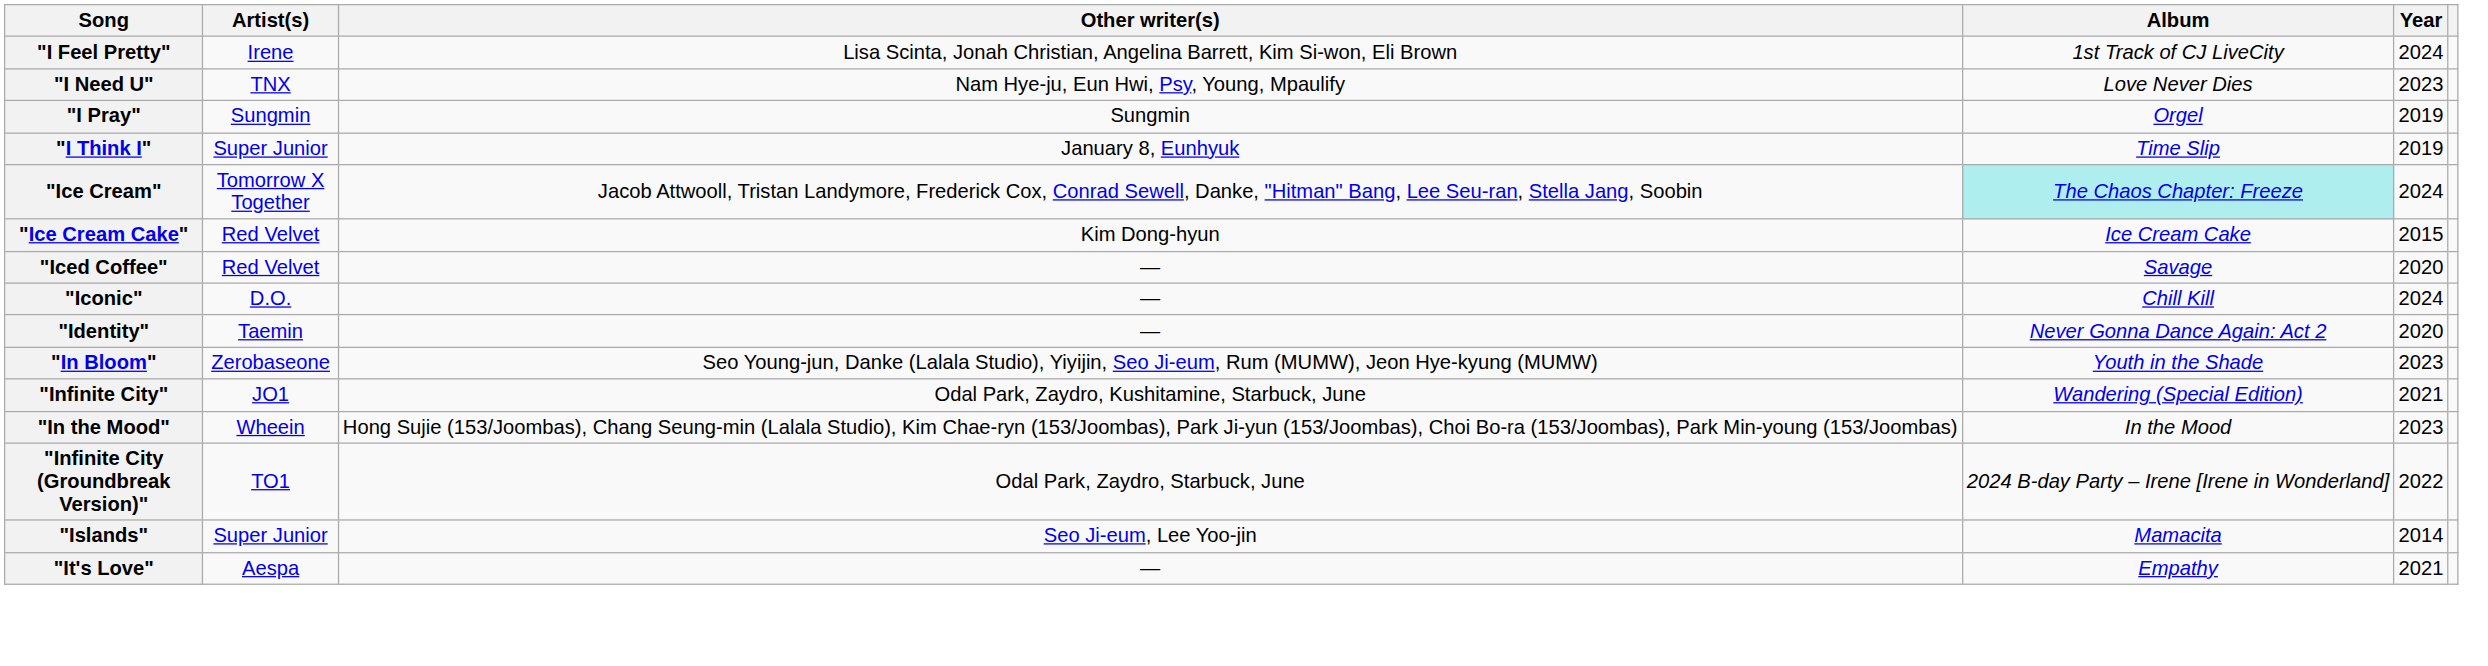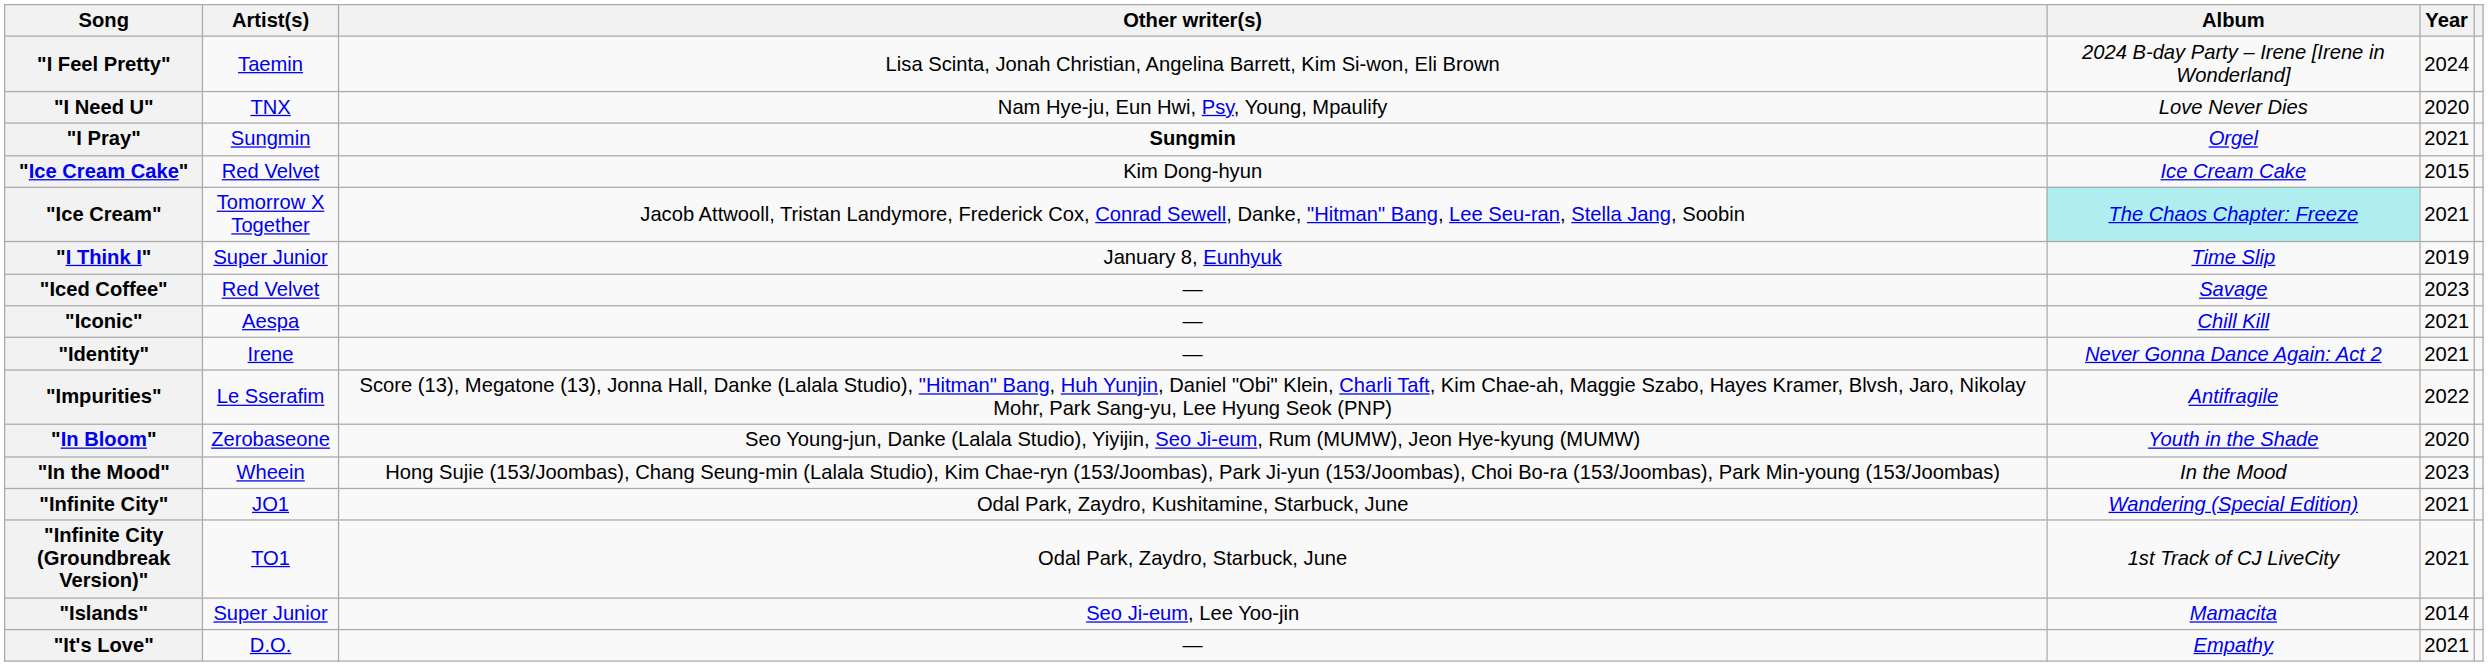 <table class="wikitable sortable plainrowheaders" style="text-align:center;">
 <tr>
 <th scope="col" width="150">Song</th>
 <th scope="col" width="100">Artist(s)</th>
 <th scope="col" class="unsortable">Other writer(s)</th>
 <th scope="col" data-sort-type="text">Album</th>
 <th scope="col">Year</th>
 <th scope="col" class="unsortable"></th>
 </tr>
 <tr>
 <th scope="row">"I Feel Pretty"</th>
-<td><a href='#'>Irene</a></td>
+<td><a href='#'>Taemin</a></td>
 <td>Lisa Scinta, Jonah Christian, Angelina Barrett, Kim Si-won, Eli Brown</td>
-<td><em>1st Track of CJ LiveCity</em></td>
+<td><em>2024 B-day Party – Irene [Irene in Wonderland]</em></td>
 <td>2024</td>
 <td style="text-align:center;"></td>
 </tr>
 <tr>
 <th scope="row">"I Need U"</th>
 <td><a href='#'>TNX</a></td>
 <td>Nam Hye-ju, Eun Hwi, <a href='#'>Psy</a>, Young, Mpaulify</td>
 <td><em>Love Never Dies</em></td>
-<td>2023</td>
+<td>2020</td>
 <td style="text-align:center;"></td>
 </tr>
 <tr>
 <th scope="row">"I Pray"</th>
 <td><a href='#'>Sungmin</a></td>
-<td>Sungmin</td>
+<td><strong>Sungmin</strong></td>
 <td><em><a href='#'>Orgel</a></em></td>
-<td>2019</td>
+<td>2021</td>
+<td style="text-align:center;"></td>
+</tr>
+<tr>
+<th scope="row">"<a href='#'>Ice Cream Cake</a>"</th>
+<td><a href='#'>Red Velvet</a></td>
+<td>Kim Dong-hyun</td>
+<td><em><a href='#'>Ice Cream Cake</a></em></td>
+<td>2015</td>
+<td style="text-align:center;"></td>
+</tr>
+<tr>
+<th scope="row">"Ice Cream"</th>
+<td><a href='#'>Tomorrow X Together</a></td>
+<td>Jacob Attwooll, Tristan Landymore, Frederick Cox, <a href='#'>Conrad Sewell</a>, Danke, <a href='#'>"Hitman" Bang</a>, <a href='#'>Lee Seu-ran</a>, <a href='#'>Stella Jang</a>, Soobin</td>
+<td style="background: paleturquoise;"><em><a href='#'>The Chaos Chapter: Freeze</a></em></td>
+<td>2021</td>
 <td style="text-align:center;"></td>
 </tr>
 <tr>
 <th scope="row">"<a href='#'>I Think I</a>"</th>
 <td><a href='#'>Super Junior</a></td>
 <td>January 8, <a href='#'>Eunhyuk</a></td>
 <td><em><a href='#'>Time Slip</a></em></td>
 <td>2019</td>
 <td style="text-align:center;"></td>
 </tr>
 <tr>
-<th scope="row">"Ice Cream"</th>
-<td><a href='#'>Tomorrow X Together</a></td>
-<td>Jacob Attwooll, Tristan Landymore, Frederick Cox, <a href='#'>Conrad Sewell</a>, Danke, <a href='#'>"Hitman" Bang</a>, <a href='#'>Lee Seu-ran</a>, <a href='#'>Stella Jang</a>, Soobin</td>
-<td style="background: paleturquoise;"><em><a href='#'>The Chaos Chapter: Freeze</a></em></td>
-<td>2024</td>
-<td style="text-align:center;"></td>
-</tr>
-<tr>
-<th scope="row">"<a href='#'>Ice Cream Cake</a>"</th>
-<td><a href='#'>Red Velvet</a></td>
-<td>Kim Dong-hyun</td>
-<td><em><a href='#'>Ice Cream Cake</a></em></td>
-<td>2015</td>
-<td style="text-align:center;"></td>
-</tr>
-<tr>
 <th scope="row">"Iced Coffee"</th>
 <td><a href='#'>Red Velvet</a></td>
 <td>—</td>
 <td><em><a href='#'>Savage</a></em></td>
-<td>2020</td>
+<td>2023</td>
 <td style="text-align:center;"></td>
 </tr>
 <tr>
 <th scope="row">"Iconic"</th>
-<td><a href='#'>D.O.</a></td>
+<td><a href='#'>Aespa</a></td>
 <td>—</td>
 <td><em><a href='#'>Chill Kill</a></em></td>
-<td>2024</td>
+<td>2021</td>
 <td style="text-align:center;"></td>
 </tr>
 <tr>
 <th scope="row">"Identity"</th>
-<td><a href='#'>Taemin</a></td>
+<td><a href='#'>Irene</a></td>
 <td>—</td>
 <td><em><a href='#'>Never Gonna Dance Again: Act 2</a></em></td>
-<td>2020</td>
+<td>2021</td>
+<td style="text-align:center;"></td>
+</tr>
+<tr>
+<th scope="row">"Impurities"</th>
+<td><a href='#'>Le Sserafim</a></td>
+<td>Score (13), Megatone (13), Jonna Hall, Danke (Lalala Studio), <a href='#'>"Hitman" Bang</a>, <a href='#'>Huh Yunjin</a>, Daniel "Obi" Klein, <a href='#'>Charli Taft</a>, Kim Chae-ah, Maggie Szabo, Hayes Kramer, Blvsh, Jaro, Nikolay Mohr, Park Sang-yu, Lee Hyung Seok (PNP)</td>
+<td><em><a href='#'>Antifragile</a></em></td>
+<td>2022</td>
 <td style="text-align:center;"></td>
 </tr>
 <tr>
 <th scope="row">"<a href='#'>In Bloom</a>"</th>
 <td><a href='#'>Zerobaseone</a></td>
 <td>Seo Young-jun, Danke (Lalala Studio), Yiyijin, <a href='#'>Seo Ji-eum</a>, Rum (MUMW), Jeon Hye-kyung (MUMW)</td>
 <td><em><a href='#'>Youth in the Shade</a></em></td>
+<td>2020</td>
+<td style="text-align:center;"></td>
+</tr>
+<tr>
+<th scope="row">"In the Mood"</th>
+<td><a href='#'>Wheein</a></td>
+<td>Hong Sujie (153/Joombas), Chang Seung-min (Lalala Studio), Kim Chae-ryn (153/Joombas), Park Ji-yun (153/Joombas), Choi Bo-ra (153/Joombas), Park Min-young (153/Joombas)</td>
+<td><em>In the Mood</em></td>
 <td>2023</td>
 <td style="text-align:center;"></td>
 </tr>
 <tr>
 <th scope="row">"Infinite City"</th>
 <td><a href='#'>JO1</a></td>
 <td>Odal Park, Zaydro, Kushitamine, Starbuck, June</td>
 <td><em><a href='#'>Wandering (Special Edition)</a></em></td>
 <td>2021</td>
 <td style="text-align:center;"></td>
 </tr>
 <tr>
-<th scope="row">"In the Mood"</th>
-<td><a href='#'>Wheein</a></td>
-<td>Hong Sujie (153/Joombas), Chang Seung-min (Lalala Studio), Kim Chae-ryn (153/Joombas), Park Ji-yun (153/Joombas), Choi Bo-ra (153/Joombas), Park Min-young (153/Joombas)</td>
-<td><em>In the Mood</em></td>
-<td>2023</td>
-<td style="text-align:center;"></td>
-</tr>
-<tr>
 <th scope="row">"Infinite City (Groundbreak Version)"</th>
 <td><a href='#'>TO1</a></td>
 <td>Odal Park, Zaydro, Starbuck, June</td>
-<td><em>2024 B-day Party – Irene [Irene in Wonderland]</em></td>
-<td>2022</td>
+<td><em>1st Track of CJ LiveCity</em></td>
+<td>2021</td>
 <td style="text-align:center;"></td>
 </tr>
 <tr>
 <th scope="row">"Islands"</th>
 <td><a href='#'>Super Junior</a></td>
 <td><a href='#'>Seo Ji-eum</a>, Lee Yoo-jin</td>
 <td><em><a href='#'>Mamacita</a></em></td>
 <td>2014</td>
 <td style="text-align:center;"></td>
 </tr>
 <tr>
 <th scope="row">"It's Love"</th>
-<td><a href='#'>Aespa</a></td>
+<td><a href='#'>D.O.</a></td>
 <td>—</td>
 <td><em><a href='#'>Empathy</a></em></td>
 <td>2021</td>
 <td style="text-align:center;"></td>
 </tr>
 </table>
